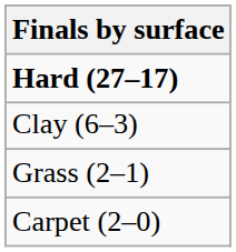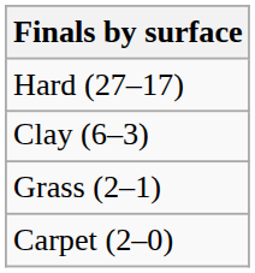 <table class=wikitable style=font-size:90%>
 <tr>
 <th>Finals by surface</th>
 </tr>
 <tr>
-<td><strong>Hard (27–17)</strong></td>
+<td>Hard (27–17)</td>
 </tr>
 <tr>
 <td>Clay (6–3)</td>
 </tr>
 <tr>
 <td>Grass (2–1)</td>
 </tr>
 <tr>
 <td>Carpet (2–0)</td>
 </tr>
 </table>
